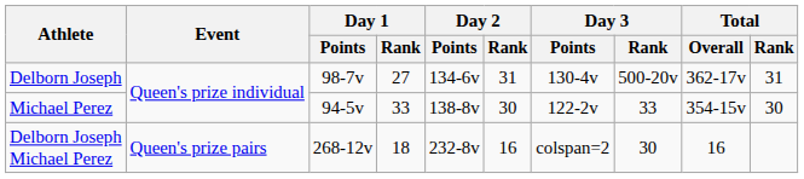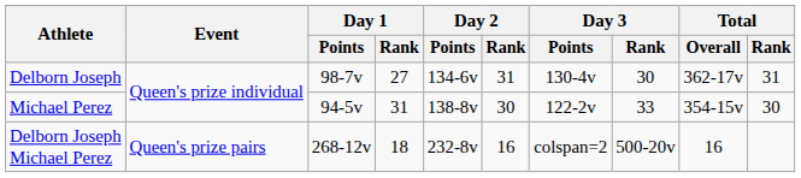 <table class="wikitable" style="font-size:90%">
 <tr>
 <th rowspan=2>Athlete</th>
 <th rowspan=2>Event</th>
 <th colspan=2>Day 1</th>
 <th colspan=2>Day 2</th>
 <th colspan=2>Day 3</th>
 <th colspan=2>Total</th>
 </tr>
 <tr style="font-size:95%">
 <th>Points</th>
 <th>Rank</th>
 <th>Points</th>
 <th>Rank</th>
 <th>Points</th>
 <th>Rank</th>
 <th>Overall</th>
 <th>Rank</th>
 </tr>
 <tr align=center>
 <td align=left><a href='#'>Delborn Joseph</a></td>
 <td align=left rowspan=2><a href='#'>Queen's prize individual</a></td>
 <td>98-7v</td>
 <td>27</td>
 <td>134-6v</td>
 <td>31</td>
 <td>130-4v</td>
-<td>500-20v</td>
+<td>30</td>
 <td>362-17v</td>
 <td>31</td>
 </tr>
 <tr align=center>
 <td align=left><a href='#'>Michael Perez</a></td>
 <td>94-5v</td>
-<td>33</td>
+<td>31</td>
 <td>138-8v</td>
 <td>30</td>
 <td>122-2v</td>
 <td>33</td>
 <td>354-15v</td>
 <td>30</td>
 </tr>
 <tr align=center>
 <td align=left><a href='#'>Delborn Joseph</a><br><a href='#'>Michael Perez</a></td>
 <td align=left><a href='#'>Queen's prize pairs</a></td>
 <td>268-12v</td>
 <td>18</td>
 <td>232-8v</td>
 <td>16</td>
 <td>colspan=2 </td>
-<td>30</td>
+<td>500-20v</td>
 <td>16</td>
 </tr>
 </table>
